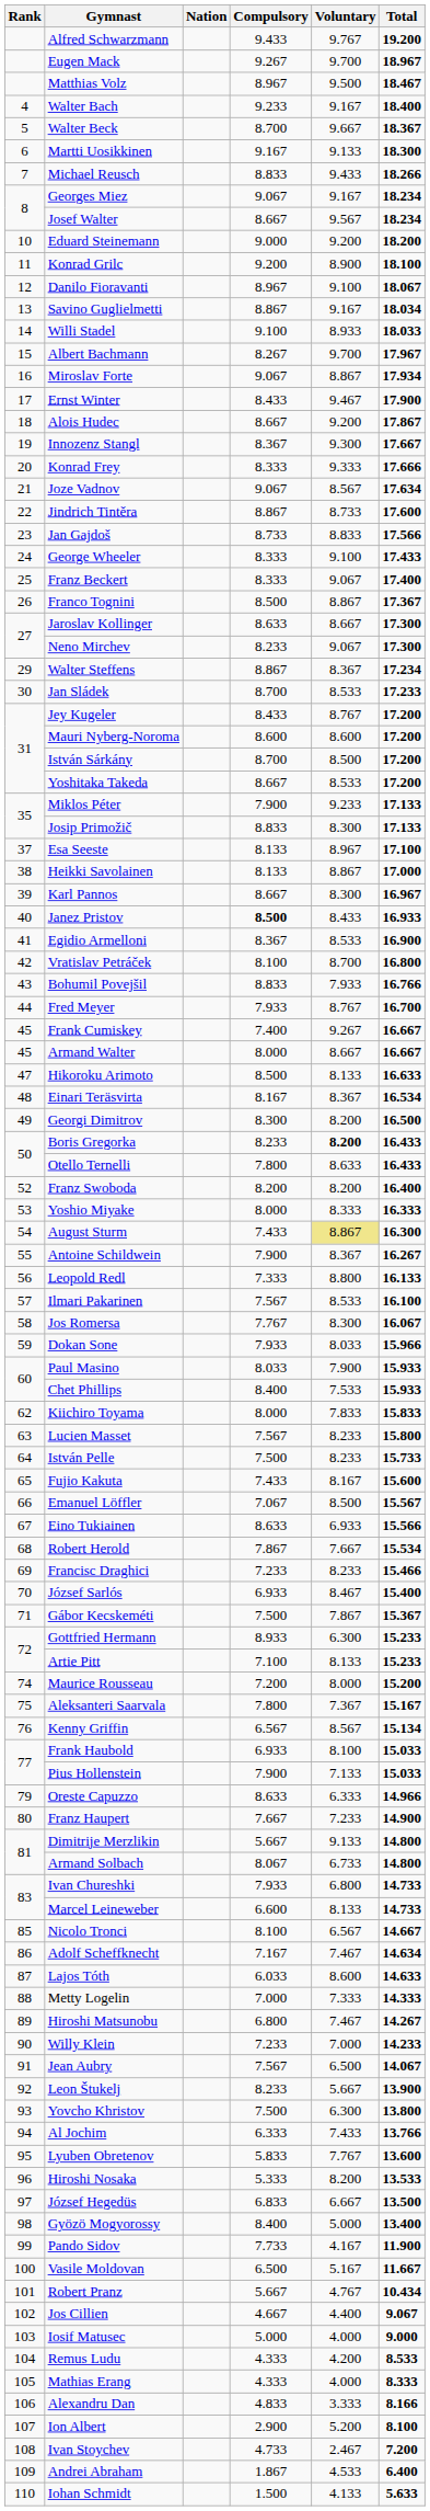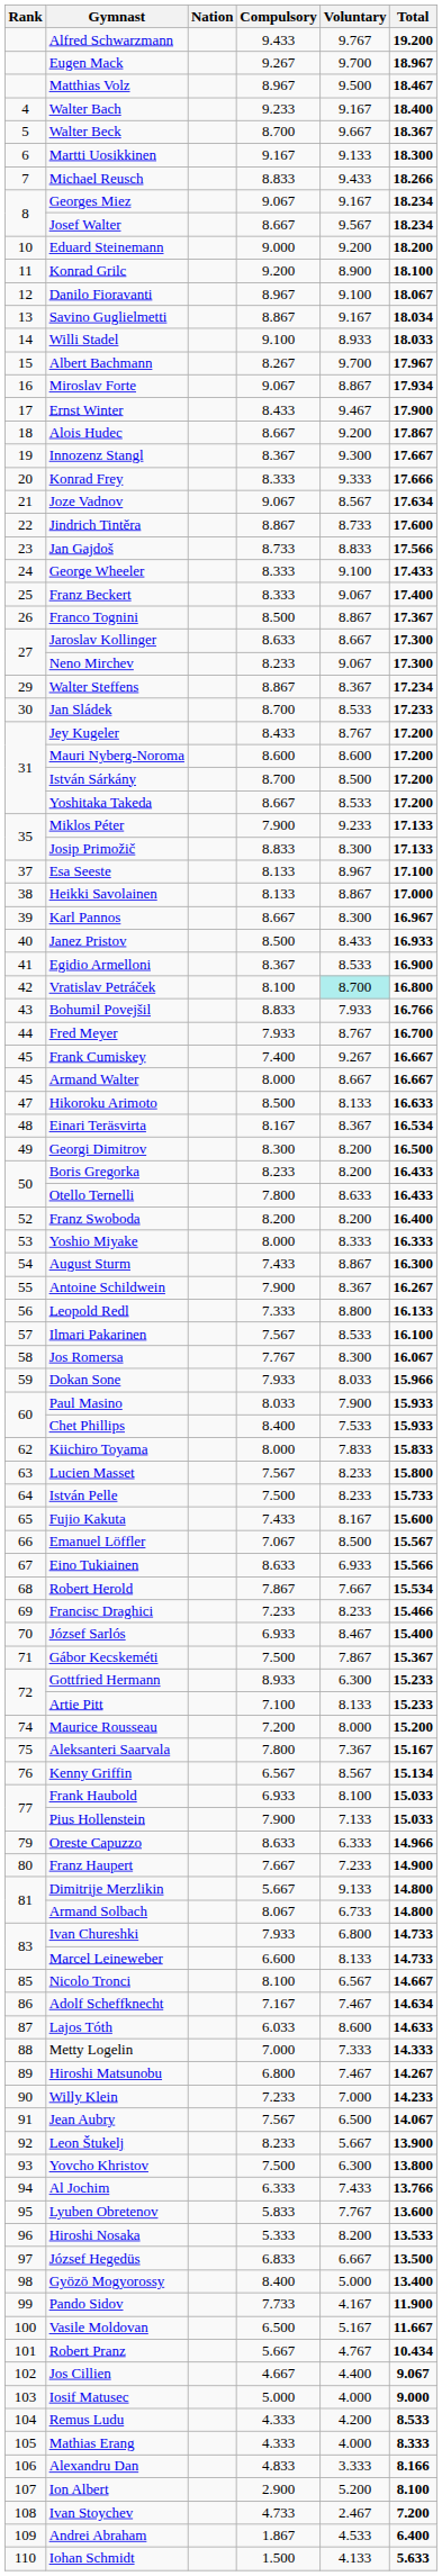 <table class="wikitable sortable" style="text-align:center">
 <tr>
 <th>Rank</th>
 <th>Gymnast</th>
 <th>Nation</th>
 <th>Compulsory</th>
 <th>Voluntary</th>
 <th>Total</th>
 </tr>
 <tr>
 <td></td>
 <td align=left><a href='#'>Alfred Schwarzmann</a></td>
 <td align=left></td>
 <td>9.433</td>
 <td>9.767</td>
 <td><strong>19.200</strong></td>
 </tr>
 <tr>
 <td></td>
 <td align=left><a href='#'>Eugen Mack</a></td>
 <td align=left></td>
 <td>9.267</td>
 <td>9.700</td>
 <td><strong>18.967</strong></td>
 </tr>
 <tr>
 <td></td>
 <td align=left><a href='#'>Matthias Volz</a></td>
 <td align=left></td>
 <td>8.967</td>
 <td>9.500</td>
 <td><strong>18.467</strong></td>
 </tr>
 <tr>
 <td>4</td>
 <td align=left><a href='#'>Walter Bach</a></td>
 <td align=left></td>
 <td>9.233</td>
 <td>9.167</td>
 <td><strong>18.400</strong></td>
 </tr>
 <tr>
 <td>5</td>
 <td align=left><a href='#'>Walter Beck</a></td>
 <td align=left></td>
 <td>8.700</td>
 <td>9.667</td>
 <td><strong>18.367</strong></td>
 </tr>
 <tr>
 <td>6</td>
 <td align=left><a href='#'>Martti Uosikkinen</a></td>
 <td align=left></td>
 <td>9.167</td>
 <td>9.133</td>
 <td><strong>18.300</strong></td>
 </tr>
 <tr>
 <td>7</td>
 <td align=left><a href='#'>Michael Reusch</a></td>
 <td align=left></td>
 <td>8.833</td>
 <td>9.433</td>
 <td><strong>18.266</strong></td>
 </tr>
 <tr>
 <td rowspan=2>8</td>
 <td align=left><a href='#'>Georges Miez</a></td>
 <td align=left></td>
 <td>9.067</td>
 <td>9.167</td>
 <td><strong>18.234</strong></td>
 </tr>
 <tr>
 <td align=left><a href='#'>Josef Walter</a></td>
 <td align=left></td>
 <td>8.667</td>
 <td>9.567</td>
 <td><strong>18.234</strong></td>
 </tr>
 <tr>
 <td>10</td>
 <td align=left><a href='#'>Eduard Steinemann</a></td>
 <td align=left></td>
 <td>9.000</td>
 <td>9.200</td>
 <td><strong>18.200</strong></td>
 </tr>
 <tr>
 <td>11</td>
 <td align=left><a href='#'>Konrad Grilc</a></td>
 <td align=left></td>
 <td>9.200</td>
 <td>8.900</td>
 <td><strong>18.100</strong></td>
 </tr>
 <tr>
 <td>12</td>
 <td align=left><a href='#'>Danilo Fioravanti</a></td>
 <td align=left></td>
 <td>8.967</td>
 <td>9.100</td>
 <td><strong>18.067</strong></td>
 </tr>
 <tr>
 <td>13</td>
 <td align=left><a href='#'>Savino Guglielmetti</a></td>
 <td align=left></td>
 <td>8.867</td>
 <td>9.167</td>
 <td><strong>18.034</strong></td>
 </tr>
 <tr>
 <td>14</td>
 <td align=left><a href='#'>Willi Stadel</a></td>
 <td align=left></td>
 <td>9.100</td>
 <td>8.933</td>
 <td><strong>18.033</strong></td>
 </tr>
 <tr>
 <td>15</td>
 <td align=left><a href='#'>Albert Bachmann</a></td>
 <td align=left></td>
 <td>8.267</td>
 <td>9.700</td>
 <td><strong>17.967</strong></td>
 </tr>
 <tr>
 <td>16</td>
 <td align=left><a href='#'>Miroslav Forte</a></td>
 <td align=left></td>
 <td>9.067</td>
 <td>8.867</td>
 <td><strong>17.934</strong></td>
 </tr>
 <tr>
 <td>17</td>
 <td align=left><a href='#'>Ernst Winter</a></td>
 <td align=left></td>
 <td>8.433</td>
 <td>9.467</td>
 <td><strong>17.900</strong></td>
 </tr>
 <tr>
 <td>18</td>
 <td align=left><a href='#'>Alois Hudec</a></td>
 <td align=left></td>
 <td>8.667</td>
 <td>9.200</td>
 <td><strong>17.867</strong></td>
 </tr>
 <tr>
 <td>19</td>
 <td align=left><a href='#'>Innozenz Stangl</a></td>
 <td align=left></td>
 <td>8.367</td>
 <td>9.300</td>
 <td><strong>17.667</strong></td>
 </tr>
 <tr>
 <td>20</td>
 <td align=left><a href='#'>Konrad Frey</a></td>
 <td align=left></td>
 <td>8.333</td>
 <td>9.333</td>
 <td><strong>17.666</strong></td>
 </tr>
 <tr>
 <td>21</td>
 <td align=left><a href='#'>Joze Vadnov</a></td>
 <td align=left></td>
 <td>9.067</td>
 <td>8.567</td>
 <td><strong>17.634</strong></td>
 </tr>
 <tr>
 <td>22</td>
 <td align=left><a href='#'>Jindrich Tintěra</a></td>
 <td align=left></td>
 <td>8.867</td>
 <td>8.733</td>
 <td><strong>17.600</strong></td>
 </tr>
 <tr>
 <td>23</td>
 <td align=left><a href='#'>Jan Gajdoš</a></td>
 <td align=left></td>
 <td>8.733</td>
 <td>8.833</td>
 <td><strong>17.566</strong></td>
 </tr>
 <tr>
 <td>24</td>
 <td align=left><a href='#'>George Wheeler</a></td>
 <td align=left></td>
 <td>8.333</td>
 <td>9.100</td>
 <td><strong>17.433</strong></td>
 </tr>
 <tr>
 <td>25</td>
 <td align=left><a href='#'>Franz Beckert</a></td>
 <td align=left></td>
 <td>8.333</td>
 <td>9.067</td>
 <td><strong>17.400</strong></td>
 </tr>
 <tr>
 <td>26</td>
 <td align=left><a href='#'>Franco Tognini</a></td>
 <td align=left></td>
 <td>8.500</td>
 <td>8.867</td>
 <td><strong>17.367</strong></td>
 </tr>
 <tr>
 <td rowspan=2>27</td>
 <td align=left><a href='#'>Jaroslav Kollinger</a></td>
 <td align=left></td>
 <td>8.633</td>
 <td>8.667</td>
 <td><strong>17.300</strong></td>
 </tr>
 <tr>
 <td align=left><a href='#'>Neno Mirchev</a></td>
 <td align=left></td>
 <td>8.233</td>
 <td>9.067</td>
 <td><strong>17.300</strong></td>
 </tr>
 <tr>
 <td>29</td>
 <td align=left><a href='#'>Walter Steffens</a></td>
 <td align=left></td>
 <td>8.867</td>
 <td>8.367</td>
 <td><strong>17.234</strong></td>
 </tr>
 <tr>
 <td>30</td>
 <td align=left><a href='#'>Jan Sládek</a></td>
 <td align=left></td>
 <td>8.700</td>
 <td>8.533</td>
 <td><strong>17.233</strong></td>
 </tr>
 <tr>
 <td rowspan=4>31</td>
 <td align=left><a href='#'>Jey Kugeler</a></td>
 <td align=left></td>
 <td>8.433</td>
 <td>8.767</td>
 <td><strong>17.200</strong></td>
 </tr>
 <tr>
 <td align=left><a href='#'>Mauri Nyberg-Noroma</a></td>
 <td align=left></td>
 <td>8.600</td>
 <td>8.600</td>
 <td><strong>17.200</strong></td>
 </tr>
 <tr>
 <td align=left><a href='#'>István Sárkány</a></td>
 <td align=left></td>
 <td>8.700</td>
 <td>8.500</td>
 <td><strong>17.200</strong></td>
 </tr>
 <tr>
 <td align=left><a href='#'>Yoshitaka Takeda</a></td>
 <td align=left></td>
 <td>8.667</td>
 <td>8.533</td>
 <td><strong>17.200</strong></td>
 </tr>
 <tr>
 <td rowspan=2>35</td>
 <td align=left><a href='#'>Miklos Péter</a></td>
 <td align=left></td>
 <td>7.900</td>
 <td>9.233</td>
 <td><strong>17.133</strong></td>
 </tr>
 <tr>
 <td align=left><a href='#'>Josip Primožič</a></td>
 <td align=left></td>
 <td>8.833</td>
 <td>8.300</td>
 <td><strong>17.133</strong></td>
 </tr>
 <tr>
 <td>37</td>
 <td align=left><a href='#'>Esa Seeste</a></td>
 <td align=left></td>
 <td>8.133</td>
 <td>8.967</td>
 <td><strong>17.100</strong></td>
 </tr>
 <tr>
 <td>38</td>
 <td align=left><a href='#'>Heikki Savolainen</a></td>
 <td align=left></td>
 <td>8.133</td>
 <td>8.867</td>
 <td><strong>17.000</strong></td>
 </tr>
 <tr>
 <td>39</td>
 <td align=left><a href='#'>Karl Pannos</a></td>
 <td align=left></td>
 <td>8.667</td>
 <td>8.300</td>
 <td><strong>16.967</strong></td>
 </tr>
 <tr>
 <td>40</td>
 <td align=left><a href='#'>Janez Pristov</a></td>
 <td align=left></td>
-<td><strong>8.500</strong></td>
+<td>8.500</td>
 <td>8.433</td>
 <td><strong>16.933</strong></td>
 </tr>
 <tr>
 <td>41</td>
 <td align=left><a href='#'>Egidio Armelloni</a></td>
 <td align=left></td>
 <td>8.367</td>
 <td>8.533</td>
 <td><strong>16.900</strong></td>
 </tr>
 <tr>
 <td>42</td>
 <td align=left><a href='#'>Vratislav Petráček</a></td>
 <td align=left></td>
 <td>8.100</td>
-<td>8.700</td>
+<td style="background: paleturquoise;">8.700</td>
 <td><strong>16.800</strong></td>
 </tr>
 <tr>
 <td>43</td>
 <td align=left><a href='#'>Bohumil Povejšil</a></td>
 <td align=left></td>
 <td>8.833</td>
 <td>7.933</td>
 <td><strong>16.766</strong></td>
 </tr>
 <tr>
 <td>44</td>
 <td align=left><a href='#'>Fred Meyer</a></td>
 <td align=left></td>
 <td>7.933</td>
 <td>8.767</td>
 <td><strong>16.700</strong></td>
 </tr>
 <tr>
 <td>45</td>
 <td align=left><a href='#'>Frank Cumiskey</a></td>
 <td align=left></td>
 <td>7.400</td>
 <td>9.267</td>
 <td><strong>16.667</strong></td>
 </tr>
 <tr>
 <td>45</td>
 <td align=left><a href='#'>Armand Walter</a></td>
 <td align=left></td>
 <td>8.000</td>
 <td>8.667</td>
 <td><strong>16.667</strong></td>
 </tr>
 <tr>
 <td>47</td>
 <td align=left><a href='#'>Hikoroku Arimoto</a></td>
 <td align=left></td>
 <td>8.500</td>
 <td>8.133</td>
 <td><strong>16.633</strong></td>
 </tr>
 <tr>
 <td>48</td>
 <td align=left><a href='#'>Einari Teräsvirta</a></td>
 <td align=left></td>
 <td>8.167</td>
 <td>8.367</td>
 <td><strong>16.534</strong></td>
 </tr>
 <tr>
 <td>49</td>
 <td align=left><a href='#'>Georgi Dimitrov</a></td>
 <td align=left></td>
 <td>8.300</td>
 <td>8.200</td>
 <td><strong>16.500</strong></td>
 </tr>
 <tr>
 <td rowspan=2>50</td>
 <td align=left><a href='#'>Boris Gregorka</a></td>
 <td align=left></td>
 <td>8.233</td>
-<td><strong>8.200</strong></td>
+<td>8.200</td>
 <td><strong>16.433</strong></td>
 </tr>
 <tr>
 <td align=left><a href='#'>Otello Ternelli</a></td>
 <td align=left></td>
 <td>7.800</td>
 <td>8.633</td>
 <td><strong>16.433</strong></td>
 </tr>
 <tr>
 <td>52</td>
 <td align=left><a href='#'>Franz Swoboda</a></td>
 <td align=left></td>
 <td>8.200</td>
 <td>8.200</td>
 <td><strong>16.400</strong></td>
 </tr>
 <tr>
 <td>53</td>
 <td align=left><a href='#'>Yoshio Miyake</a></td>
 <td align=left></td>
 <td>8.000</td>
 <td>8.333</td>
 <td><strong>16.333</strong></td>
 </tr>
 <tr>
 <td>54</td>
 <td align=left><a href='#'>August Sturm</a></td>
 <td align=left></td>
 <td>7.433</td>
-<td style="background: khaki;">8.867</td>
+<td>8.867</td>
 <td><strong>16.300</strong></td>
 </tr>
 <tr>
 <td>55</td>
 <td align=left><a href='#'>Antoine Schildwein</a></td>
 <td align=left></td>
 <td>7.900</td>
 <td>8.367</td>
 <td><strong>16.267</strong></td>
 </tr>
 <tr>
 <td>56</td>
 <td align=left><a href='#'>Leopold Redl</a></td>
 <td align=left></td>
 <td>7.333</td>
 <td>8.800</td>
 <td><strong>16.133</strong></td>
 </tr>
 <tr>
 <td>57</td>
 <td align=left><a href='#'>Ilmari Pakarinen</a></td>
 <td align=left></td>
 <td>7.567</td>
 <td>8.533</td>
 <td><strong>16.100</strong></td>
 </tr>
 <tr>
 <td>58</td>
 <td align=left><a href='#'>Jos Romersa</a></td>
 <td align=left></td>
 <td>7.767</td>
 <td>8.300</td>
 <td><strong>16.067</strong></td>
 </tr>
 <tr>
 <td>59</td>
 <td align=left><a href='#'>Dokan Sone</a></td>
 <td align=left></td>
 <td>7.933</td>
 <td>8.033</td>
 <td><strong>15.966</strong></td>
 </tr>
 <tr>
 <td rowspan=2>60</td>
 <td align=left><a href='#'>Paul Masino</a></td>
 <td align=left></td>
 <td>8.033</td>
 <td>7.900</td>
 <td><strong>15.933</strong></td>
 </tr>
 <tr>
 <td align=left><a href='#'>Chet Phillips</a></td>
 <td align=left></td>
 <td>8.400</td>
 <td>7.533</td>
 <td><strong>15.933</strong></td>
 </tr>
 <tr>
 <td>62</td>
 <td align=left><a href='#'>Kiichiro Toyama</a></td>
 <td align=left></td>
 <td>8.000</td>
 <td>7.833</td>
 <td><strong>15.833</strong></td>
 </tr>
 <tr>
 <td>63</td>
 <td align=left><a href='#'>Lucien Masset</a></td>
 <td align=left></td>
 <td>7.567</td>
 <td>8.233</td>
 <td><strong>15.800</strong></td>
 </tr>
 <tr>
 <td>64</td>
 <td align=left><a href='#'>István Pelle</a></td>
 <td align=left></td>
 <td>7.500</td>
 <td>8.233</td>
 <td><strong>15.733</strong></td>
 </tr>
 <tr>
 <td>65</td>
 <td align=left><a href='#'>Fujio Kakuta</a></td>
 <td align=left></td>
 <td>7.433</td>
 <td>8.167</td>
 <td><strong>15.600</strong></td>
 </tr>
 <tr>
 <td>66</td>
 <td align=left><a href='#'>Emanuel Löffler</a></td>
 <td align=left></td>
 <td>7.067</td>
 <td>8.500</td>
 <td><strong>15.567</strong></td>
 </tr>
 <tr>
 <td>67</td>
 <td align=left><a href='#'>Eino Tukiainen</a></td>
 <td align=left></td>
 <td>8.633</td>
 <td>6.933</td>
 <td><strong>15.566</strong></td>
 </tr>
 <tr>
 <td>68</td>
 <td align=left><a href='#'>Robert Herold</a></td>
 <td align=left></td>
 <td>7.867</td>
 <td>7.667</td>
 <td><strong>15.534</strong></td>
 </tr>
 <tr>
 <td>69</td>
 <td align=left><a href='#'>Francisc Draghici</a></td>
 <td align=left></td>
 <td>7.233</td>
 <td>8.233</td>
 <td><strong>15.466</strong></td>
 </tr>
 <tr>
 <td>70</td>
 <td align=left><a href='#'>József Sarlós</a></td>
 <td align=left></td>
 <td>6.933</td>
 <td>8.467</td>
 <td><strong>15.400</strong></td>
 </tr>
 <tr>
 <td>71</td>
 <td align=left><a href='#'>Gábor Kecskeméti</a></td>
 <td align=left></td>
 <td>7.500</td>
 <td>7.867</td>
 <td><strong>15.367</strong></td>
 </tr>
 <tr>
 <td rowspan=2>72</td>
 <td align=left><a href='#'>Gottfried Hermann</a></td>
 <td align=left></td>
 <td>8.933</td>
 <td>6.300</td>
 <td><strong>15.233</strong></td>
 </tr>
 <tr>
 <td align=left><a href='#'>Artie Pitt</a></td>
 <td align=left></td>
 <td>7.100</td>
 <td>8.133</td>
 <td><strong>15.233</strong></td>
 </tr>
 <tr>
 <td>74</td>
 <td align=left><a href='#'>Maurice Rousseau</a></td>
 <td align=left></td>
 <td>7.200</td>
 <td>8.000</td>
 <td><strong>15.200</strong></td>
 </tr>
 <tr>
 <td>75</td>
 <td align=left><a href='#'>Aleksanteri Saarvala</a></td>
 <td align=left></td>
 <td>7.800</td>
 <td>7.367</td>
 <td><strong>15.167</strong></td>
 </tr>
 <tr>
 <td>76</td>
 <td align=left><a href='#'>Kenny Griffin</a></td>
 <td align=left></td>
 <td>6.567</td>
 <td>8.567</td>
 <td><strong>15.134</strong></td>
 </tr>
 <tr>
 <td rowspan=2>77</td>
 <td align=left><a href='#'>Frank Haubold</a></td>
 <td align=left></td>
 <td>6.933</td>
 <td>8.100</td>
 <td><strong>15.033</strong></td>
 </tr>
 <tr>
 <td align=left><a href='#'>Pius Hollenstein</a></td>
 <td align=left></td>
 <td>7.900</td>
 <td>7.133</td>
 <td><strong>15.033</strong></td>
 </tr>
 <tr>
 <td>79</td>
 <td align=left><a href='#'>Oreste Capuzzo</a></td>
 <td align=left></td>
 <td>8.633</td>
 <td>6.333</td>
 <td><strong>14.966</strong></td>
 </tr>
 <tr>
 <td>80</td>
 <td align=left><a href='#'>Franz Haupert</a></td>
 <td align=left></td>
 <td>7.667</td>
 <td>7.233</td>
 <td><strong>14.900</strong></td>
 </tr>
 <tr>
 <td rowspan=2>81</td>
 <td align=left><a href='#'>Dimitrije Merzlikin</a></td>
 <td align=left></td>
 <td>5.667</td>
 <td>9.133</td>
 <td><strong>14.800</strong></td>
 </tr>
 <tr>
 <td align=left><a href='#'>Armand Solbach</a></td>
 <td align=left></td>
 <td>8.067</td>
 <td>6.733</td>
 <td><strong>14.800</strong></td>
 </tr>
 <tr>
 <td rowspan=2>83</td>
 <td align=left><a href='#'>Ivan Chureshki</a></td>
 <td align=left></td>
 <td>7.933</td>
 <td>6.800</td>
 <td><strong>14.733</strong></td>
 </tr>
 <tr>
 <td align=left><a href='#'>Marcel Leineweber</a></td>
 <td align=left></td>
 <td>6.600</td>
 <td>8.133</td>
 <td><strong>14.733</strong></td>
 </tr>
 <tr>
 <td>85</td>
 <td align=left><a href='#'>Nicolo Tronci</a></td>
 <td align=left></td>
 <td>8.100</td>
 <td>6.567</td>
 <td><strong>14.667</strong></td>
 </tr>
 <tr>
 <td>86</td>
 <td align=left><a href='#'>Adolf Scheffknecht</a></td>
 <td align=left></td>
 <td>7.167</td>
 <td>7.467</td>
 <td><strong>14.634</strong></td>
 </tr>
 <tr>
 <td>87</td>
 <td align=left><a href='#'>Lajos Tóth</a></td>
 <td align=left></td>
 <td>6.033</td>
 <td>8.600</td>
 <td><strong>14.633</strong></td>
 </tr>
 <tr>
 <td>88</td>
 <td align=left>Metty Logelin</td>
 <td align=left></td>
 <td>7.000</td>
 <td>7.333</td>
 <td><strong>14.333</strong></td>
 </tr>
 <tr>
 <td>89</td>
 <td align=left><a href='#'>Hiroshi Matsunobu</a></td>
 <td align=left></td>
 <td>6.800</td>
 <td>7.467</td>
 <td><strong>14.267</strong></td>
 </tr>
 <tr>
 <td>90</td>
 <td align=left><a href='#'>Willy Klein</a></td>
 <td align=left></td>
 <td>7.233</td>
 <td>7.000</td>
 <td><strong>14.233</strong></td>
 </tr>
 <tr>
 <td>91</td>
 <td align=left><a href='#'>Jean Aubry</a></td>
 <td align=left></td>
 <td>7.567</td>
 <td>6.500</td>
 <td><strong>14.067</strong></td>
 </tr>
 <tr>
 <td>92</td>
 <td align=left><a href='#'>Leon Štukelj</a></td>
 <td align=left></td>
 <td>8.233</td>
 <td>5.667</td>
 <td><strong>13.900</strong></td>
 </tr>
 <tr>
 <td>93</td>
 <td align=left><a href='#'>Yovcho Khristov</a></td>
 <td align=left></td>
 <td>7.500</td>
 <td>6.300</td>
 <td><strong>13.800</strong></td>
 </tr>
 <tr>
 <td>94</td>
 <td align=left><a href='#'>Al Jochim</a></td>
 <td align=left></td>
 <td>6.333</td>
 <td>7.433</td>
 <td><strong>13.766</strong></td>
 </tr>
 <tr>
 <td>95</td>
 <td align=left><a href='#'>Lyuben Obretenov</a></td>
 <td align=left></td>
 <td>5.833</td>
 <td>7.767</td>
 <td><strong>13.600</strong></td>
 </tr>
 <tr>
 <td>96</td>
 <td align=left><a href='#'>Hiroshi Nosaka</a></td>
 <td align=left></td>
 <td>5.333</td>
 <td>8.200</td>
 <td><strong>13.533</strong></td>
 </tr>
 <tr>
 <td>97</td>
 <td align=left><a href='#'>József Hegedüs</a></td>
 <td align=left></td>
 <td>6.833</td>
 <td>6.667</td>
 <td><strong>13.500</strong></td>
 </tr>
 <tr>
 <td>98</td>
 <td align=left><a href='#'>Gyözö Mogyorossy</a></td>
 <td align=left></td>
 <td>8.400</td>
 <td>5.000</td>
 <td><strong>13.400</strong></td>
 </tr>
 <tr>
 <td>99</td>
 <td align=left><a href='#'>Pando Sidov</a></td>
 <td align=left></td>
 <td>7.733</td>
 <td>4.167</td>
 <td><strong>11.900</strong></td>
 </tr>
 <tr>
 <td>100</td>
 <td align=left><a href='#'>Vasile Moldovan</a></td>
 <td align=left></td>
 <td>6.500</td>
 <td>5.167</td>
 <td><strong>11.667</strong></td>
 </tr>
 <tr>
 <td>101</td>
 <td align=left><a href='#'>Robert Pranz</a></td>
 <td align=left></td>
 <td>5.667</td>
 <td>4.767</td>
 <td><strong>10.434</strong></td>
 </tr>
 <tr>
 <td>102</td>
 <td align=left><a href='#'>Jos Cillien</a></td>
 <td align=left></td>
 <td>4.667</td>
 <td>4.400</td>
 <td><strong>9.067</strong></td>
 </tr>
 <tr>
 <td>103</td>
 <td align=left><a href='#'>Iosif Matusec</a></td>
 <td align=left></td>
 <td>5.000</td>
 <td>4.000</td>
 <td><strong>9.000</strong></td>
 </tr>
 <tr>
 <td>104</td>
 <td align=left><a href='#'>Remus Ludu</a></td>
 <td align=left></td>
 <td>4.333</td>
 <td>4.200</td>
 <td><strong>8.533</strong></td>
 </tr>
 <tr>
 <td>105</td>
 <td align=left><a href='#'>Mathias Erang</a></td>
 <td align=left></td>
 <td>4.333</td>
 <td>4.000</td>
 <td><strong>8.333</strong></td>
 </tr>
 <tr>
 <td>106</td>
 <td align=left><a href='#'>Alexandru Dan</a></td>
 <td align=left></td>
 <td>4.833</td>
 <td>3.333</td>
 <td><strong>8.166</strong></td>
 </tr>
 <tr>
 <td>107</td>
 <td align=left><a href='#'>Ion Albert</a></td>
 <td align=left></td>
 <td>2.900</td>
 <td>5.200</td>
 <td><strong>8.100</strong></td>
 </tr>
 <tr>
 <td>108</td>
 <td align=left><a href='#'>Ivan Stoychev</a></td>
 <td align=left></td>
 <td>4.733</td>
 <td>2.467</td>
 <td><strong>7.200</strong></td>
 </tr>
 <tr>
 <td>109</td>
 <td align=left><a href='#'>Andrei Abraham</a></td>
 <td align=left></td>
 <td>1.867</td>
 <td>4.533</td>
 <td><strong>6.400</strong></td>
 </tr>
 <tr>
 <td>110</td>
 <td align=left><a href='#'>Iohan Schmidt</a></td>
 <td align=left></td>
 <td>1.500</td>
 <td>4.133</td>
 <td><strong>5.633</strong></td>
 </tr>
 </table>
